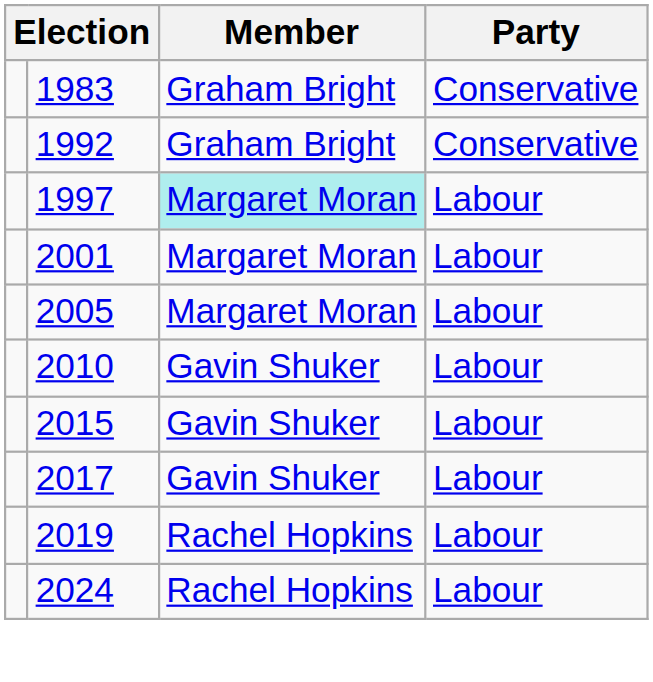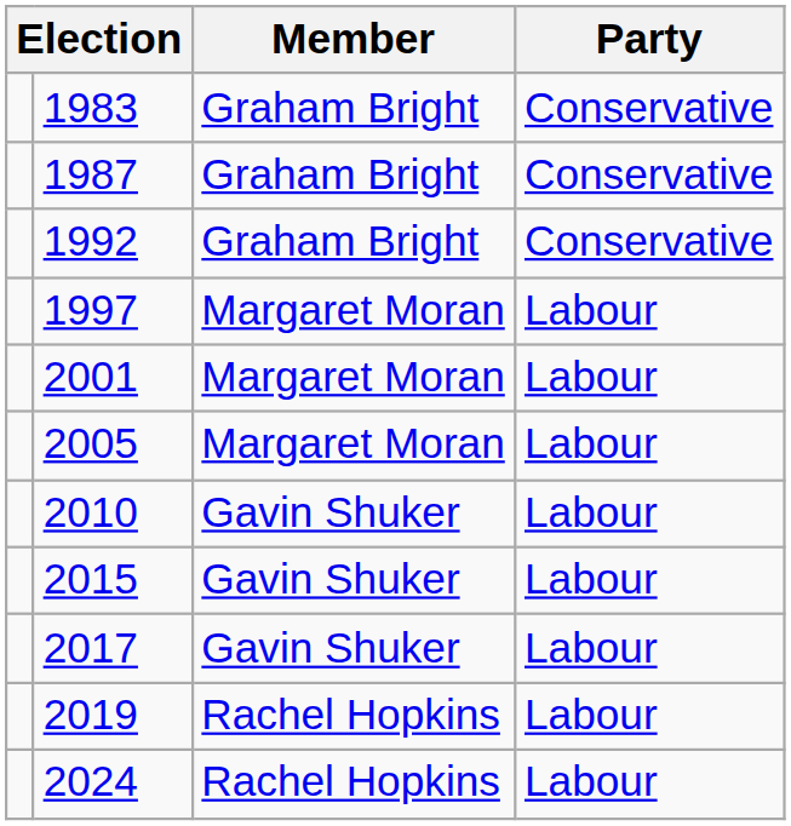 <table class="wikitable">
 <tr>
 <th colspan="2">Election</th>
 <th>Member</th>
 <th>Party</th>
 </tr>
 <tr>
 <td style="background-color: "></td>
 <td><a href='#'>1983</a></td>
 <td><a href='#'>Graham Bright</a></td>
 <td><a href='#'>Conservative</a></td>
 </tr>
 <tr>
 <td style="background-color: "></td>
+<td><a href='#'>1987</a></td>
+<td><a href='#'>Graham Bright</a></td>
+<td><a href='#'>Conservative</a></td>
+</tr>
+<tr>
+<td style="background-color: "></td>
 <td><a href='#'>1992</a></td>
 <td><a href='#'>Graham Bright</a></td>
 <td><a href='#'>Conservative</a></td>
 </tr>
 <tr>
 <td style="background-color: "></td>
 <td><a href='#'>1997</a></td>
-<td style="background: paleturquoise;"><a href='#'>Margaret Moran</a></td>
+<td><a href='#'>Margaret Moran</a></td>
 <td><a href='#'>Labour</a></td>
 </tr>
 <tr>
 <td style="background-color: "></td>
 <td><a href='#'>2001</a></td>
 <td><a href='#'>Margaret Moran</a></td>
 <td><a href='#'>Labour</a></td>
 </tr>
 <tr>
 <td style="background-color: "></td>
 <td><a href='#'>2005</a></td>
 <td><a href='#'>Margaret Moran</a></td>
 <td><a href='#'>Labour</a></td>
 </tr>
 <tr>
 <td style="background-color: "></td>
 <td><a href='#'>2010</a></td>
 <td><a href='#'>Gavin Shuker</a></td>
 <td><a href='#'>Labour</a></td>
 </tr>
 <tr>
 <td style="background-color: "></td>
 <td><a href='#'>2015</a></td>
 <td><a href='#'>Gavin Shuker</a></td>
 <td><a href='#'>Labour</a></td>
 </tr>
 <tr>
 <td style="background-color: "></td>
 <td><a href='#'>2017</a></td>
 <td><a href='#'>Gavin Shuker</a></td>
 <td><a href='#'>Labour</a></td>
 </tr>
 <tr>
 <td style="background-color: "></td>
 <td><a href='#'>2019</a></td>
 <td><a href='#'>Rachel Hopkins</a></td>
 <td><a href='#'>Labour</a></td>
 </tr>
 <tr>
 <td style="background-color: "></td>
 <td><a href='#'>2024</a></td>
 <td><a href='#'>Rachel Hopkins</a></td>
 <td><a href='#'>Labour</a></td>
 </tr>
 </table>
